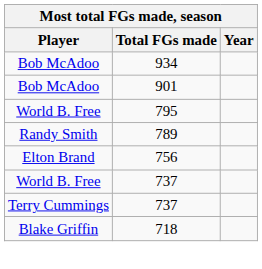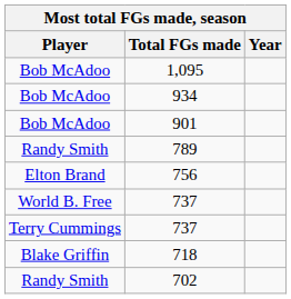 <table class="wikitable sortable" style="text-align:center">
 <tr>
 <th colspan="3">Most total FGs made, season</th>
 </tr>
 <tr>
 <th>Player</th>
 <th>Total FGs made</th>
 <th>Year</th>
 </tr>
 <tr>
 <td><a href='#'>Bob McAdoo</a></td>
+<td>1,095</td>
+<td></td>
+</tr>
+<tr>
+<td><a href='#'>Bob McAdoo</a></td>
 <td>934</td>
 <td></td>
 </tr>
 <tr>
 <td><a href='#'>Bob McAdoo</a></td>
 <td>901</td>
-<td></td>
-</tr>
-<tr>
-<td><a href='#'>World B. Free</a></td>
-<td>795</td>
 <td></td>
 </tr>
 <tr>
 <td><a href='#'>Randy Smith</a></td>
 <td>789</td>
 <td></td>
 </tr>
 <tr>
 <td><a href='#'>Elton Brand</a></td>
 <td>756</td>
 <td></td>
 </tr>
 <tr>
 <td><a href='#'>World B. Free</a></td>
 <td>737</td>
 <td></td>
 </tr>
 <tr>
 <td><a href='#'>Terry Cummings</a></td>
 <td>737</td>
 <td></td>
 </tr>
 <tr>
 <td><a href='#'>Blake Griffin</a></td>
 <td>718</td>
 <td></td>
 </tr>
+<tr>
+<td><a href='#'>Randy Smith</a></td>
+<td>702</td>
+<td></td>
+</tr>
 </table>
